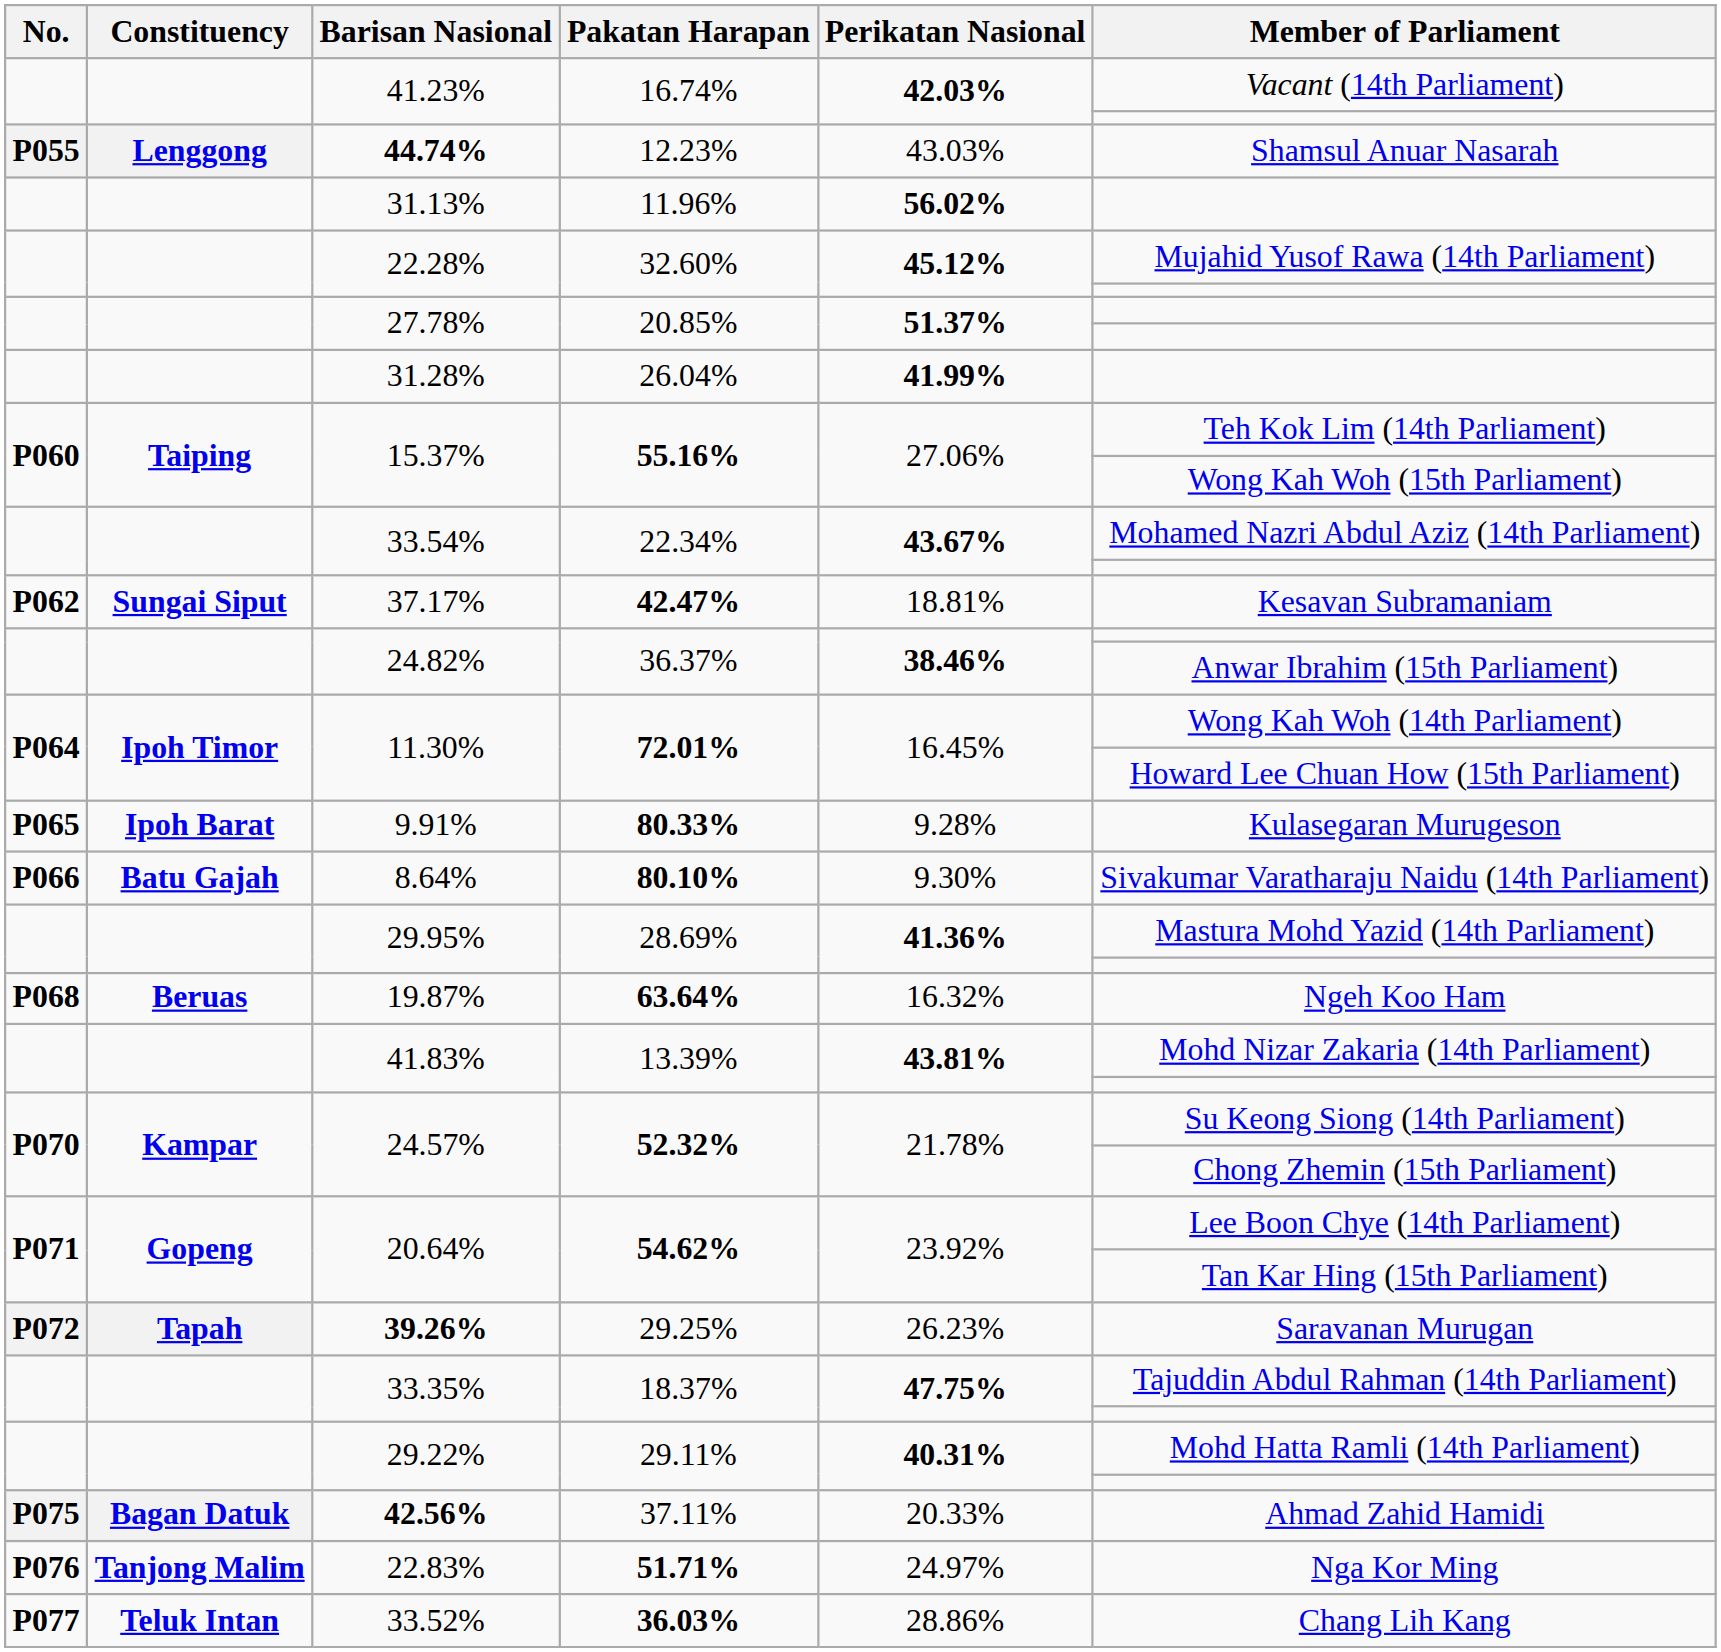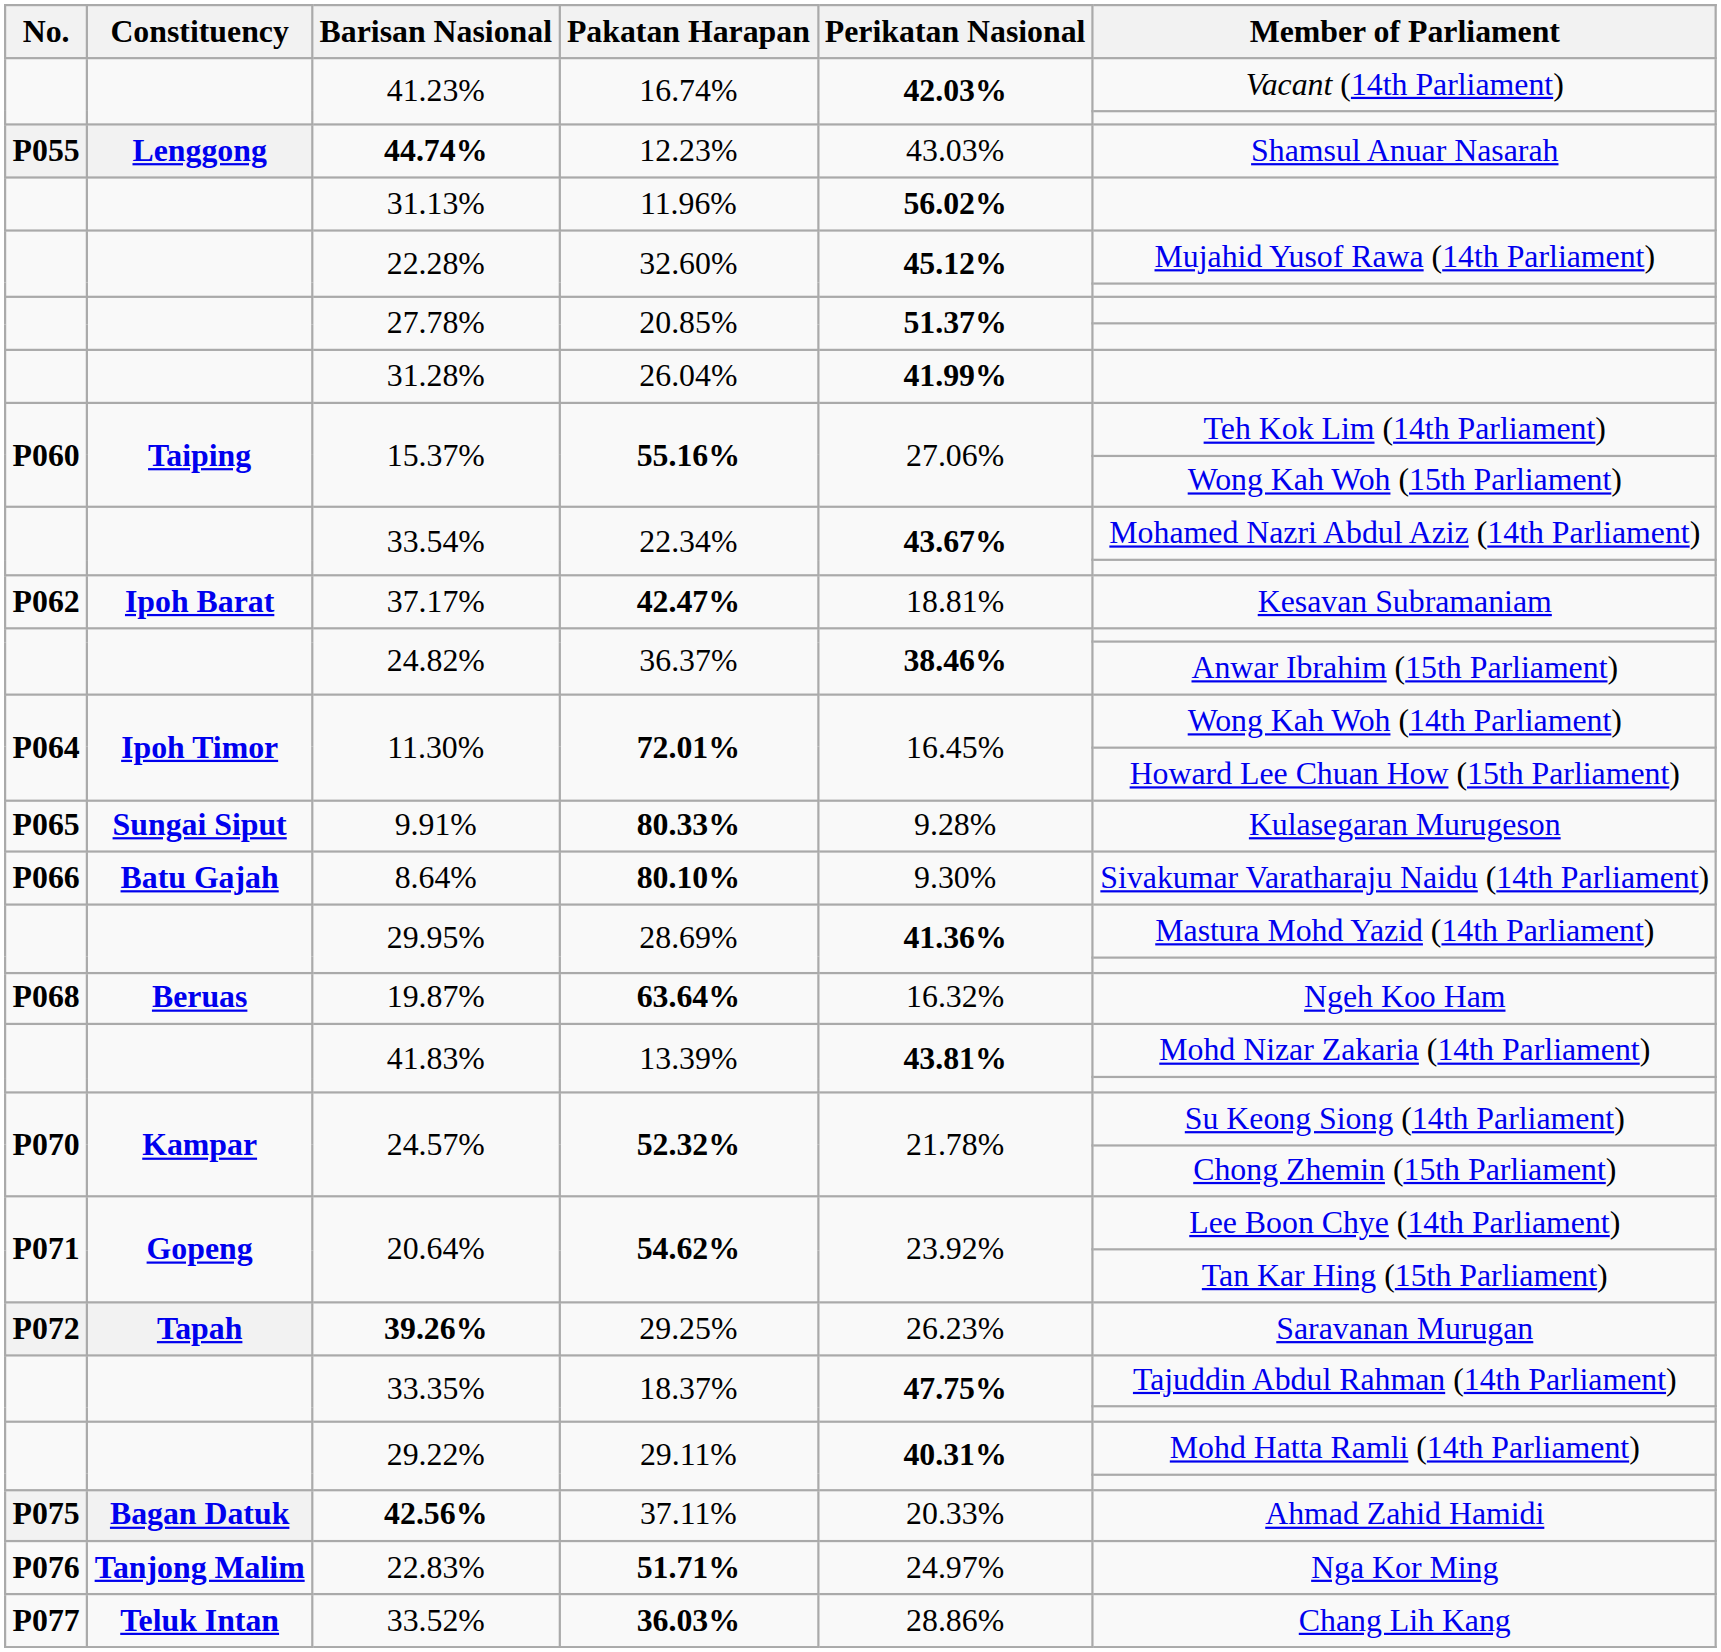 <table class="wikitable sortable" style="text-align:center; font-size:90%">
 <tr>
 <th>No.</th>
 <th>Constituency</th>
 <th>Barisan Nasional</th>
 <th>Pakatan Harapan</th>
 <th>Perikatan Nasional</th>
 <th>Member of Parliament</th>
 </tr>
 <tr align=center>
 <td rowspan=2></td>
 <td rowspan=2></td>
 <td rowspan=2>41.23%</td>
 <td rowspan=2>16.74%</td>
 <td rowspan=2><strong>42.03%</strong></td>
 <td><em>Vacant</em> (<a href='#'>14th Parliament</a>)</td>
 </tr>
 <tr align=center>
 <td></td>
 </tr>
 <tr align=center>
 <th rowspan=1 >P055</th>
 <th><a href='#'>Lenggong</a></th>
 <td rowspan=1><strong>44.74%</strong></td>
 <td rowspan=1>12.23%</td>
 <td rowspan=1>43.03%</td>
 <td><a href='#'>Shamsul Anuar Nasarah</a></td>
 </tr>
 <tr align=center>
 <td rowspan=1></td>
 <td rowspan=1></td>
 <td rowspan=1>31.13%</td>
 <td rowspan=1>11.96%</td>
 <td rowspan=1><strong>56.02%</strong></td>
 <td></td>
 </tr>
 <tr align=center>
 <td rowspan=2></td>
 <td rowspan=2></td>
 <td rowspan=2>22.28%</td>
 <td rowspan=2>32.60%</td>
 <td rowspan=2><strong>45.12%</strong></td>
 <td><a href='#'>Mujahid Yusof Rawa</a> (<a href='#'>14th Parliament</a>)</td>
 </tr>
 <tr align=center>
 <td></td>
 </tr>
 <tr align=center>
 <td rowspan=2></td>
 <td rowspan=2></td>
 <td rowspan=2>27.78%</td>
 <td rowspan=2>20.85%</td>
 <td rowspan=2><strong>51.37%</strong></td>
 <td></td>
 </tr>
 <tr align=center>
 <td></td>
 </tr>
 <tr align=center>
 <td rowspan=1></td>
 <td rowspan=1></td>
 <td rowspan=1>31.28%</td>
 <td rowspan=1>26.04%</td>
 <td rowspan=1><strong>41.99%</strong></td>
 <td></td>
 </tr>
 <tr align=center>
 <td rowspan=2><strong>P060</strong></td>
 <td rowspan=2><strong><a href='#'>	Taiping</a></strong></td>
 <td rowspan=2>15.37%</td>
 <td rowspan=2><strong>55.16%</strong></td>
 <td rowspan=2>27.06%</td>
 <td><a href='#'>Teh Kok Lim</a> (<a href='#'>14th Parliament</a>)</td>
 </tr>
 <tr align=center>
 <td><a href='#'>Wong Kah Woh</a> (<a href='#'>15th Parliament</a>)</td>
 </tr>
 <tr align=center>
 <td rowspan=2></td>
 <td rowspan=2></td>
 <td rowspan=2>33.54%</td>
 <td rowspan=2>22.34%</td>
 <td rowspan=2><strong>43.67%</strong></td>
 <td><a href='#'>Mohamed Nazri Abdul Aziz</a> (<a href='#'>14th Parliament</a>)</td>
 </tr>
 <tr align=center>
 <td></td>
 </tr>
 <tr align=center>
 <td rowspan=1><strong>P062</strong></td>
-<td rowspan=1><strong><a href='#'>Sungai Siput</a></strong></td>
+<td rowspan=1><strong><a href='#'>Ipoh Barat</a></strong></td>
 <td rowspan=1>37.17%</td>
 <td rowspan=1><strong>42.47%</strong></td>
 <td rowspan=1>18.81%</td>
 <td><a href='#'>Kesavan Subramaniam</a></td>
 </tr>
 <tr align=center>
 <td rowspan=2></td>
 <td rowspan=2></td>
 <td rowspan=2>24.82%</td>
 <td rowspan=2>36.37%</td>
 <td rowspan=2><strong>38.46%</strong></td>
 <td></td>
 </tr>
 <tr align=center>
 <td><a href='#'>Anwar Ibrahim</a> (<a href='#'>15th Parliament</a>)</td>
 </tr>
 <tr align=center>
 <td rowspan=2><strong>P064</strong></td>
 <td rowspan=2><strong><a href='#'>Ipoh Timor</a></strong></td>
 <td rowspan=2>11.30%</td>
 <td rowspan=2><strong>72.01%</strong></td>
 <td rowspan=2>16.45%</td>
 <td><a href='#'>Wong Kah Woh</a> (<a href='#'>14th Parliament</a>)</td>
 </tr>
 <tr align=center>
 <td><a href='#'>Howard Lee Chuan How</a> (<a href='#'>15th Parliament</a>)</td>
 </tr>
 <tr align=center>
 <td rowspan=1><strong>P065</strong></td>
-<td rowspan=1><strong><a href='#'>Ipoh Barat</a></strong></td>
+<td rowspan=1><strong><a href='#'>Sungai Siput</a></strong></td>
 <td>9.91%</td>
 <td><strong>80.33%</strong></td>
 <td>9.28%</td>
 <td><a href='#'>Kulasegaran Murugeson</a></td>
 </tr>
 <tr align=center>
 <td rowspan=1><strong>P066</strong></td>
 <td rowspan=1><strong><a href='#'>Batu Gajah</a></strong></td>
 <td rowspan=1>8.64%</td>
 <td rowspan=1><strong>80.10%</strong></td>
 <td rowspan=1>9.30%</td>
 <td><a href='#'>Sivakumar Varatharaju Naidu</a> (<a href='#'>14th Parliament</a>)</td>
 </tr>
 <tr align=center>
 <td rowspan=2></td>
 <td rowspan=2></td>
 <td rowspan=2>29.95%</td>
 <td rowspan=2>28.69%</td>
 <td rowspan=2><strong>41.36%</strong></td>
 <td><a href='#'>Mastura Mohd Yazid</a> (<a href='#'>14th Parliament</a>)</td>
 </tr>
 <tr align=center>
 <td></td>
 </tr>
 <tr align=center>
 <td rowspan=1><strong>P068</strong></td>
 <td rowspan=1><strong><a href='#'>Beruas</a></strong></td>
 <td rowspan=1>19.87%</td>
 <td rowspan=1><strong>63.64%</strong></td>
 <td rowspan=1>16.32%</td>
 <td><a href='#'>Ngeh Koo Ham</a></td>
 </tr>
 <tr align=center>
 <td rowspan=2></td>
 <td rowspan=2></td>
 <td rowspan=2>41.83%</td>
 <td rowspan=2>13.39%</td>
 <td rowspan=2><strong>43.81%</strong></td>
 <td><a href='#'>Mohd Nizar Zakaria</a> (<a href='#'>14th Parliament</a>)</td>
 </tr>
 <tr align=center>
 <td></td>
 </tr>
 <tr align=center>
 <td rowspan=2><strong>P070</strong></td>
 <td rowspan=2><strong><a href='#'>Kampar</a></strong></td>
 <td rowspan=2>24.57%</td>
 <td rowspan=2><strong>52.32%</strong></td>
 <td rowspan=2>21.78%</td>
 <td><a href='#'>Su Keong Siong</a> (<a href='#'>14th Parliament</a>)</td>
 </tr>
 <tr align=center>
 <td><a href='#'>Chong Zhemin</a> (<a href='#'>15th Parliament</a>)</td>
 </tr>
 <tr align=center>
 <td rowspan=2><strong>P071</strong></td>
 <td rowspan=2><strong><a href='#'>Gopeng</a></strong></td>
 <td rowspan=2>20.64%</td>
 <td rowspan=2><strong>54.62%</strong></td>
 <td rowspan=2>23.92%</td>
 <td><a href='#'>Lee Boon Chye</a> (<a href='#'>14th Parliament</a>)</td>
 </tr>
 <tr align=center>
 <td><a href='#'>Tan Kar Hing</a> (<a href='#'>15th Parliament</a>)</td>
 </tr>
 <tr align=center>
 <th rowspan=1 >P072</th>
 <th><a href='#'>Tapah</a></th>
 <td rowspan=1><strong>39.26%</strong></td>
 <td rowspan=1>29.25%</td>
 <td rowspan=1>26.23%</td>
 <td><a href='#'>Saravanan Murugan</a></td>
 </tr>
 <tr align=center>
 <td rowspan=2></td>
 <td rowspan=2></td>
 <td rowspan=2>33.35%</td>
 <td rowspan=2>18.37%</td>
 <td rowspan=2><strong>47.75%</strong></td>
 <td><a href='#'>Tajuddin Abdul Rahman</a> (<a href='#'>14th Parliament</a>)</td>
 </tr>
 <tr align=center>
 <td></td>
 </tr>
 <tr align=center>
 <td rowspan=2></td>
 <td rowspan=2></td>
 <td rowspan=2>29.22%</td>
 <td rowspan=2>29.11%</td>
 <td rowspan=2><strong>40.31%</strong></td>
 <td><a href='#'>Mohd Hatta Ramli</a> (<a href='#'>14th Parliament</a>)</td>
 </tr>
 <tr align=center>
 <td></td>
 </tr>
 <tr align=center>
 <th rowspan=1 >P075</th>
 <th><a href='#'>Bagan Datuk</a></th>
 <td rowspan=1><strong>42.56%</strong></td>
 <td rowspan=1>37.11%</td>
 <td rowspan=1>20.33%</td>
 <td><a href='#'>Ahmad Zahid Hamidi</a></td>
 </tr>
 <tr align=center>
 <td rowspan=1><strong>P076</strong></td>
 <td rowspan=1><strong><a href='#'>Tanjong Malim</a></strong></td>
 <td rowspan=1>22.83%</td>
 <td rowspan=1><strong>51.71%</strong></td>
 <td rowspan=1>24.97%</td>
 <td><a href='#'>Nga Kor Ming</a></td>
 </tr>
 <tr align=center>
 <td rowspan=1><strong>P077</strong></td>
 <td rowspan=1><strong><a href='#'>Teluk Intan</a></strong></td>
 <td rowspan=1>33.52%</td>
 <td rowspan=1><strong>36.03%</strong></td>
 <td rowspan=1>28.86%</td>
 <td><a href='#'>Chang Lih Kang</a></td>
 </tr>
 </table>
